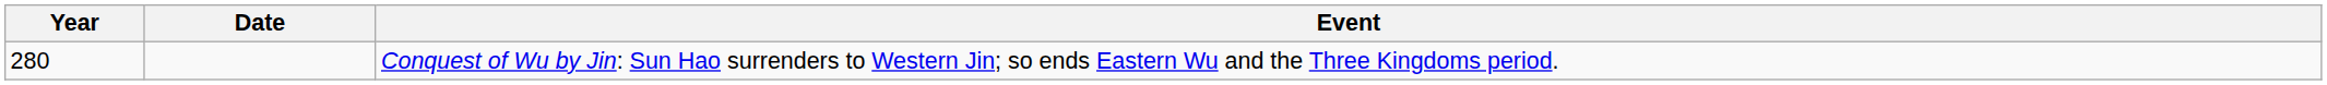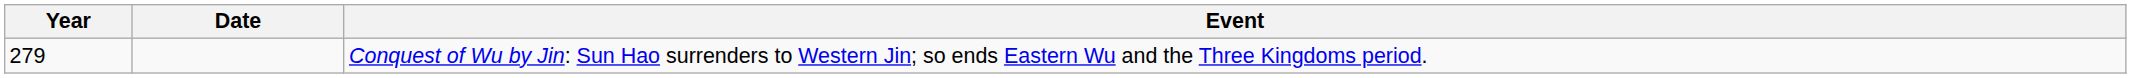 <table class="wikitable" style="width:100%;">
 <tr>
 <th style="width:6%">Year</th>
 <th style="width:10%">Date</th>
 <th>Event</th>
 </tr>
 <tr>
-<td>280</td>
+<td>279</td>
 <td></td>
 <td><em><a href='#'>Conquest of Wu by Jin</a></em>: <a href='#'>Sun Hao</a> surrenders to <a href='#'>Western Jin</a>; so ends <a href='#'>Eastern Wu</a> and the <a href='#'>Three Kingdoms period</a>.</td>
 </tr>
 </table>
